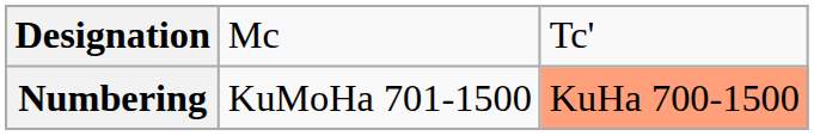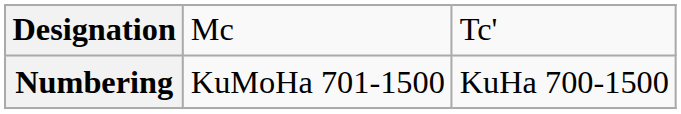 <table class="wikitable">
 <tr>
 <th>Designation</th>
 <td>Mc</td>
 <td>Tc'</td>
 </tr>
 <tr>
 <th>Numbering</th>
 <td>KuMoHa 701-1500</td>
-<td style="background: lightsalmon;">KuHa 700-1500</td>
+<td>KuHa 700-1500</td>
 </tr>
 </table>
